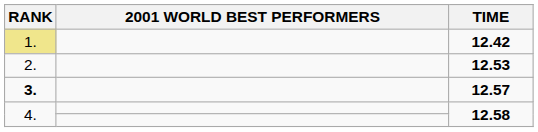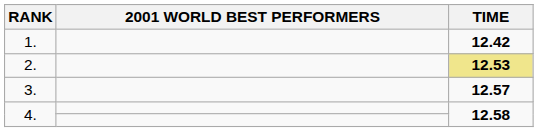 <table class="wikitable" style="border-collapse: collapse; font-size: 90%;">
 <tr>
 <th>RANK</th>
 <th align="center" style="width: 25em">2001 WORLD BEST PERFORMERS</th>
 <th align="center" style="width: 5em">TIME</th>
 </tr>
 <tr>
-<td align="center" style="background: khaki;">1.</td>
+<td align="center">1.</td>
 <td></td>
 <td align="center"><strong>12.42</strong></td>
 </tr>
 <tr>
 <td align="center">2.</td>
 <td></td>
-<td align="center"><strong>12.53</strong></td>
+<td align="center" style="background: khaki;"><strong>12.53</strong></td>
 </tr>
 <tr>
-<td align="center"><strong>3.</strong></td>
+<td align="center">3.</td>
 <td></td>
 <td align="center"><strong>12.57</strong></td>
 </tr>
 <tr>
 <td rowspan=2 align="center">4.</td>
 <td></td>
 <td rowspan=2 align="center"><strong>12.58</strong></td>
 </tr>
 <tr>
 <td></td>
 </tr>
 </table>
